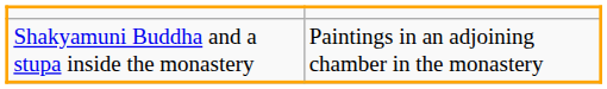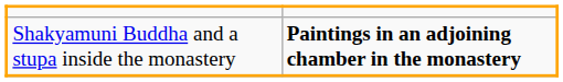 <table class="wikitable" align="right" width="30%" style="font-size:90%; border:2px solid orange;">
 <tr>
 <td width="40%" align="center" valign="center"></td>
 <td width="40%" align="center" valign="center"></td>
 </tr>
 <tr>
 <td valign="top"><a href='#'>Shakyamuni Buddha</a> and a <a href='#'>stupa</a> inside the monastery</td>
-<td valign="top">Paintings in an adjoining chamber in the monastery</td>
+<td valign="top"><strong>Paintings in an adjoining chamber in the monastery</strong></td>
 </tr>
 <tr>
 </tr>
 </table>
